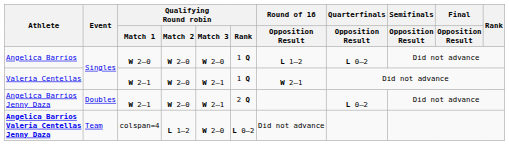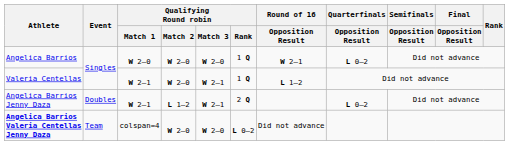 <table class="wikitable" style="font-size:90%">
 <tr>
 <th rowspan="2">Athlete</th>
 <th rowspan="2">Event</th>
 <th colspan="4">Qualifying<br>Round robin</th>
 <th>Round of 16</th>
 <th>Quarterfinals</th>
 <th>Semifinals</th>
 <th>Final</th>
 <th rowspan="2">Rank</th>
 </tr>
 <tr>
 <th>Match 1</th>
 <th>Match 2</th>
 <th>Match 3</th>
 <th>Rank</th>
 <th>Opposition<br>Result</th>
 <th>Opposition<br>Result</th>
 <th>Opposition<br>Result</th>
 <th>Opposition<br>Result</th>
 </tr>
 <tr align=center>
 <td align=left><a href='#'>Angelica Barrios</a></td>
 <td rowspan=2 align=left><a href='#'>Singles</a></td>
 <td><br><strong>W</strong> 2–0</td>
 <td><br><strong>W</strong> 2–0</td>
 <td><br><strong>W</strong> 2–0</td>
 <td>1 <strong>Q</strong></td>
-<td><br><strong>L</strong> 1–2</td>
+<td><br><strong>W</strong> 2–1</td>
 <td><br><strong>L</strong> 0–2</td>
 <td colspan=3>Did not advance</td>
 </tr>
 <tr align=center>
 <td align=left><a href='#'>Valeria Centellas</a></td>
 <td><br><strong>W</strong> 2–1</td>
 <td><br><strong>W</strong> 2–0</td>
 <td><br><strong>W</strong> 2–1</td>
 <td>1 <strong>Q</strong></td>
-<td><br><strong>W</strong> 2–1</td>
+<td><br><strong>L</strong> 1–2</td>
 <td colspan=4>Did not advance</td>
 </tr>
 <tr align=center>
 <td align=left><a href='#'>Angelica Barrios</a><br><a href='#'>Jenny Daza</a></td>
 <td align=left><a href='#'>Doubles</a></td>
 <td><br><strong>W</strong> 2–1</td>
-<td><br><strong>W</strong> 2–0</td>
+<td><br><strong>L</strong> 1–2</td>
 <td><br><strong>W</strong> 2–1</td>
 <td>2 <strong>Q</strong></td>
 <td></td>
 <td><br><strong>L</strong> 0–2</td>
 <td colspan=3>Did not advance</td>
 </tr>
 <tr align=center>
 <td align=left><strong><a href='#'>Angelica Barrios</a><br><a href='#'>Valeria Centellas</a><br><a href='#'>Jenny Daza</a></strong></td>
 <td align=left><a href='#'>Team</a></td>
 <td>colspan=4 </td>
-<td><br><strong>L</strong> 1–2</td>
+<td><br><strong>W</strong> 2–0</td>
 <td><br><strong>W</strong> 2–0</td>
 <td><br><strong>L</strong> 0–2</td>
 <td>Did not advance</td>
 <td></td>
 </tr>
 </table>
